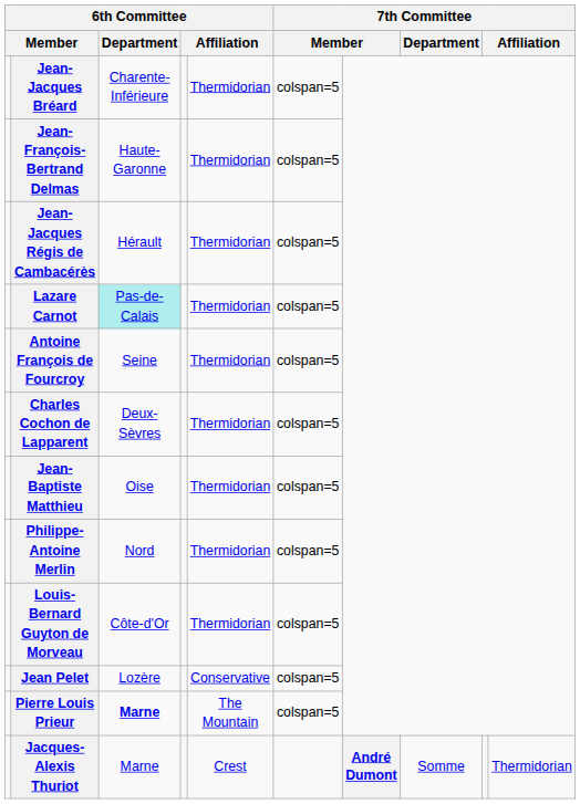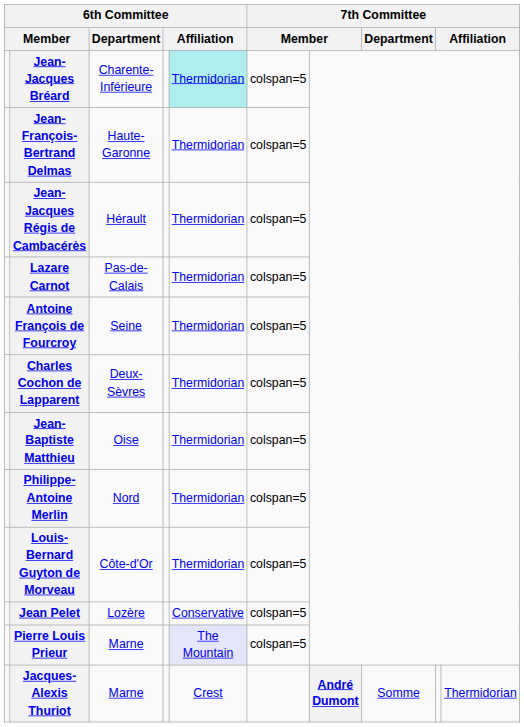 <table class="wikitable" style="line-height:1.4em; text-align:center">
 <tr>
 <th colspan=5>6th Committee<br></th>
 <th colspan=5>7th Committee<br></th>
 </tr>
 <tr>
 <th colspan=2>Member</th>
 <th>Department</th>
 <th colspan=2>Affiliation</th>
 <th colspan=2>Member</th>
 <th>Department</th>
 <th colspan=2>Affiliation</th>
 </tr>
 <tr>
 <td></td>
 <th><a href='#'>Jean-Jacques Bréard</a></th>
 <td><a href='#'>Charente-Inférieure</a></td>
 <td></td>
-<td><a href='#'>Thermidorian</a></td>
+<td style="background: paleturquoise;"><a href='#'>Thermidorian</a></td>
 <td>colspan=5 </td>
 </tr>
 <tr>
 <td></td>
 <th><a href='#'>Jean-François-Bertrand Delmas</a></th>
 <td><a href='#'>Haute-Garonne</a></td>
 <td></td>
 <td><a href='#'>Thermidorian</a></td>
 <td>colspan=5 </td>
 </tr>
 <tr>
 <td></td>
 <th><a href='#'>Jean-Jacques Régis de Cambacérès</a></th>
 <td><a href='#'>Hérault</a></td>
 <td></td>
 <td><a href='#'>Thermidorian</a></td>
 <td>colspan=5 </td>
 </tr>
 <tr>
 <td></td>
 <th><a href='#'>Lazare Carnot</a></th>
-<td style="background: paleturquoise;"><a href='#'>Pas-de-Calais</a></td>
+<td><a href='#'>Pas-de-Calais</a></td>
 <td></td>
 <td><a href='#'>Thermidorian</a></td>
 <td>colspan=5 </td>
 </tr>
 <tr>
 <td></td>
 <th><a href='#'>Antoine François de Fourcroy</a></th>
 <td><a href='#'>Seine</a></td>
 <td></td>
 <td><a href='#'>Thermidorian</a></td>
 <td>colspan=5 </td>
 </tr>
 <tr>
 <td></td>
 <th><a href='#'>Charles Cochon de Lapparent</a></th>
 <td><a href='#'>Deux-Sèvres</a></td>
 <td></td>
 <td><a href='#'>Thermidorian</a></td>
 <td>colspan=5 </td>
 </tr>
 <tr>
 <td></td>
 <th><a href='#'>Jean-Baptiste Matthieu</a></th>
 <td><a href='#'>Oise</a></td>
 <td></td>
 <td><a href='#'>Thermidorian</a></td>
 <td>colspan=5 </td>
 </tr>
 <tr>
 <td></td>
 <th><a href='#'>Philippe-Antoine Merlin</a></th>
 <td><a href='#'>Nord</a></td>
 <td></td>
 <td><a href='#'>Thermidorian</a></td>
 <td>colspan=5 </td>
 </tr>
 <tr>
 <td></td>
 <th><a href='#'>Louis-Bernard Guyton de Morveau</a></th>
 <td><a href='#'>Côte-d'Or</a></td>
 <td></td>
 <td><a href='#'>Thermidorian</a></td>
 <td>colspan=5 </td>
 </tr>
 <tr>
 <td></td>
 <th><a href='#'>Jean Pelet</a></th>
 <td><a href='#'>Lozère</a></td>
 <td></td>
 <td><a href='#'>Conservative</a></td>
 <td>colspan=5 </td>
 </tr>
 <tr>
 <td></td>
 <th><a href='#'>Pierre Louis Prieur</a></th>
-<td><strong><a href='#'>Marne</a></strong></td>
+<td><a href='#'>Marne</a></td>
 <td></td>
-<td><a href='#'>The Mountain</a></td>
+<td style="background: lavender;"><a href='#'>The Mountain</a></td>
 <td>colspan=5 </td>
 </tr>
 <tr>
 <td></td>
 <th><a href='#'>Jacques-Alexis Thuriot</a></th>
 <td><a href='#'>Marne</a></td>
 <td></td>
 <td><a href='#'>Crest</a></td>
 <td></td>
 <th><a href='#'>André Dumont</a></th>
 <td><a href='#'>Somme</a></td>
 <td></td>
 <td><a href='#'>Thermidorian</a></td>
 </tr>
 </table>
